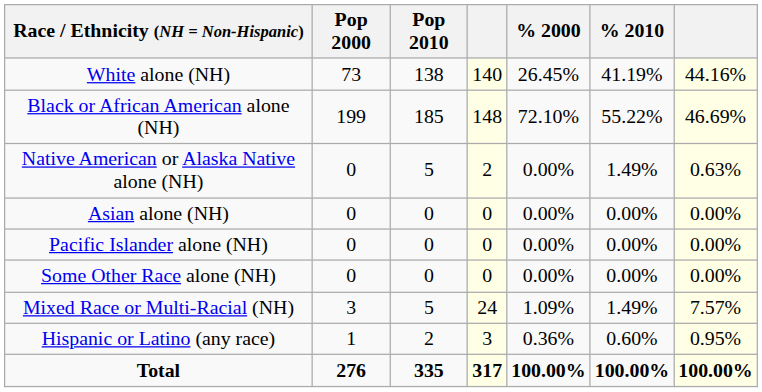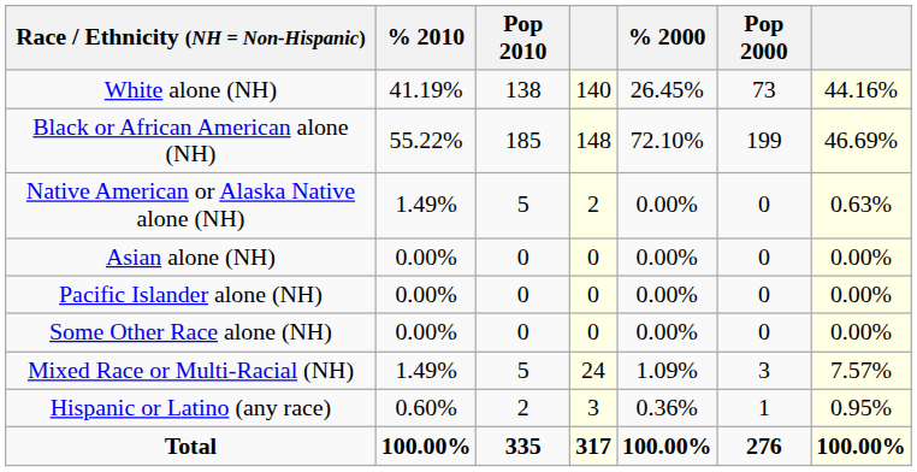 <table class="wikitable" style="text-align:center;">
 <tr>
 <th>Race / Ethnicity <small>(<em>NH = Non-Hispanic</em>)</small></th>
-<th>Pop 2000</th>
+<th>% 2010</th>
 <th>Pop 2010</th>
 <th></th>
 <th>% 2000</th>
-<th>% 2010</th>
+<th>Pop 2000</th>
 <th></th>
 </tr>
 <tr>
 <td><a href='#'>White</a> alone (NH)</td>
-<td>73</td>
+<td>41.19%</td>
 <td>138</td>
 <td style='background: #ffffe6;'>140</td>
 <td>26.45%</td>
-<td>41.19%</td>
+<td>73</td>
 <td style='background: #ffffe6;'>44.16%</td>
 </tr>
 <tr>
 <td><a href='#'>Black or African American</a> alone (NH)</td>
-<td>199</td>
+<td>55.22%</td>
 <td>185</td>
 <td style='background: #ffffe6;'>148</td>
 <td>72.10%</td>
-<td>55.22%</td>
+<td>199</td>
 <td style='background: #ffffe6;'>46.69%</td>
 </tr>
 <tr>
 <td><a href='#'>Native American</a> or <a href='#'>Alaska Native</a> alone (NH)</td>
-<td>0</td>
+<td>1.49%</td>
 <td>5</td>
 <td style='background: #ffffe6;'>2</td>
 <td>0.00%</td>
-<td>1.49%</td>
+<td>0</td>
 <td style='background: #ffffe6;'>0.63%</td>
 </tr>
 <tr>
 <td><a href='#'>Asian</a> alone (NH)</td>
-<td>0</td>
+<td>0.00%</td>
 <td>0</td>
 <td style='background: #ffffe6;'>0</td>
 <td>0.00%</td>
-<td>0.00%</td>
+<td>0</td>
 <td style='background: #ffffe6;'>0.00%</td>
 </tr>
 <tr>
 <td><a href='#'>Pacific Islander</a> alone (NH)</td>
-<td>0</td>
+<td>0.00%</td>
 <td>0</td>
 <td style='background: #ffffe6;'>0</td>
 <td>0.00%</td>
-<td>0.00%</td>
+<td>0</td>
 <td style='background: #ffffe6;'>0.00%</td>
 </tr>
 <tr>
 <td><a href='#'>Some Other Race</a> alone (NH)</td>
-<td>0</td>
+<td>0.00%</td>
 <td>0</td>
 <td style='background: #ffffe6;'>0</td>
 <td>0.00%</td>
-<td>0.00%</td>
+<td>0</td>
 <td style='background: #ffffe6;'>0.00%</td>
 </tr>
 <tr>
 <td><a href='#'>Mixed Race or Multi-Racial</a> (NH)</td>
-<td>3</td>
+<td>1.49%</td>
 <td>5</td>
 <td style='background: #ffffe6;'>24</td>
 <td>1.09%</td>
-<td>1.49%</td>
+<td>3</td>
 <td style='background: #ffffe6;'>7.57%</td>
 </tr>
 <tr>
 <td><a href='#'>Hispanic or Latino</a> (any race)</td>
-<td>1</td>
+<td>0.60%</td>
 <td>2</td>
 <td style='background: #ffffe6;'>3</td>
 <td>0.36%</td>
-<td>0.60%</td>
+<td>1</td>
 <td style='background: #ffffe6;'>0.95%</td>
 </tr>
 <tr>
 <td><strong>Total</strong></td>
-<td><strong>276</strong></td>
+<td><strong>100.00%</strong></td>
 <td><strong>335</strong></td>
 <td style='background: #ffffe6;'><strong>317</strong></td>
 <td><strong>100.00%</strong></td>
-<td><strong>100.00%</strong></td>
+<td><strong>276</strong></td>
 <td style='background: #ffffe6;'><strong>100.00%</strong></td>
 </tr>
 </table>
